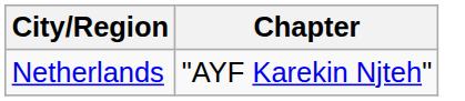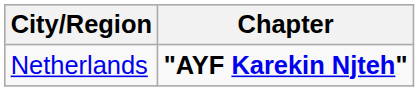 <table class="wikitable">
 <tr>
 <th>City/Region</th>
 <th>Chapter</th>
 </tr>
 <tr>
 <td><a href='#'>Netherlands</a></td>
-<td>"AYF <a href='#'>Karekin Njteh</a>"</td>
+<td><strong>"AYF <a href='#'>Karekin Njteh</a>"</strong></td>
 </tr>
 </table>
